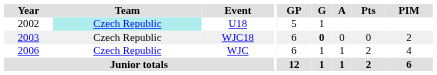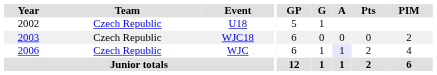 <table border="0" cellpadding="1" cellspacing="0" ID="Table3" style="text-align:center; width:40em">
 <tr ALIGN="center" bgcolor="#e0e0e0">
 <th>Year</th>
 <th>Team</th>
 <th>Event</th>
 <th rowspan="99" bgcolor="#ffffff"></th>
 <th>GP</th>
 <th>G</th>
 <th>A</th>
 <th>Pts</th>
 <th>PIM</th>
 </tr>
 <tr>
 <td>2002</td>
-<td style="background: paleturquoise;"><a href='#'>Czech Republic</a></td>
+<td><a href='#'>Czech Republic</a></td>
 <td><a href='#'>U18</a></td>
 <td>5</td>
 <td>1</td>
 <td></td>
 <td></td>
 <td></td>
 </tr>
 <tr bgcolor="#f0f0f0">
 <td><a href='#'>2003</a></td>
 <td>Czech Republic</td>
 <td><a href='#'>WJC18</a></td>
 <td>6</td>
-<td><strong>0</strong></td>
+<td>0</td>
 <td>0</td>
 <td>0</td>
 <td>2</td>
 </tr>
 <tr>
 <td><a href='#'>2006</a></td>
 <td><a href='#'>Czech Republic</a></td>
 <td><a href='#'>WJC</a></td>
 <td>6</td>
 <td>1</td>
-<td>1</td>
+<td style="background: lavender;">1</td>
 <td>2</td>
 <td>4</td>
 </tr>
 <tr bgcolor="#e0e0e0">
 <th colspan="3">Junior totals</th>
 <th>12</th>
 <th>1</th>
 <th>1</th>
 <th>2</th>
 <th>6</th>
 </tr>
 </table>
